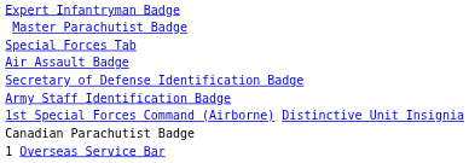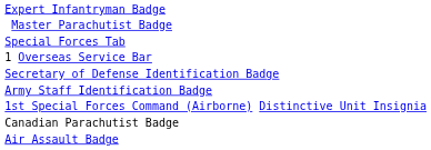 <table>
 <tr>
 <td> <a href='#'>Expert Infantryman Badge</a></td>
 </tr>
 <tr>
 <td> <a href='#'>Master Parachutist Badge</a></td>
 </tr>
 <tr>
 <td> <a href='#'>Special Forces Tab</a></td>
 </tr>
 <tr>
-<td> <a href='#'>Air Assault Badge</a></td>
+<td> 1 <a href='#'>Overseas Service Bar</a></td>
 </tr>
 <tr>
 <td> <a href='#'>Secretary of Defense Identification Badge</a></td>
 </tr>
 <tr>
 <td> <a href='#'>Army Staff Identification Badge</a></td>
 </tr>
 <tr>
 <td> <a href='#'>1st Special Forces Command (Airborne)</a> <a href='#'>Distinctive Unit Insignia</a></td>
 </tr>
 <tr>
 <td> Canadian Parachutist Badge</td>
 </tr>
 <tr>
-<td> 1 <a href='#'>Overseas Service Bar</a></td>
+<td> <a href='#'>Air Assault Badge</a></td>
 </tr>
 </table>
